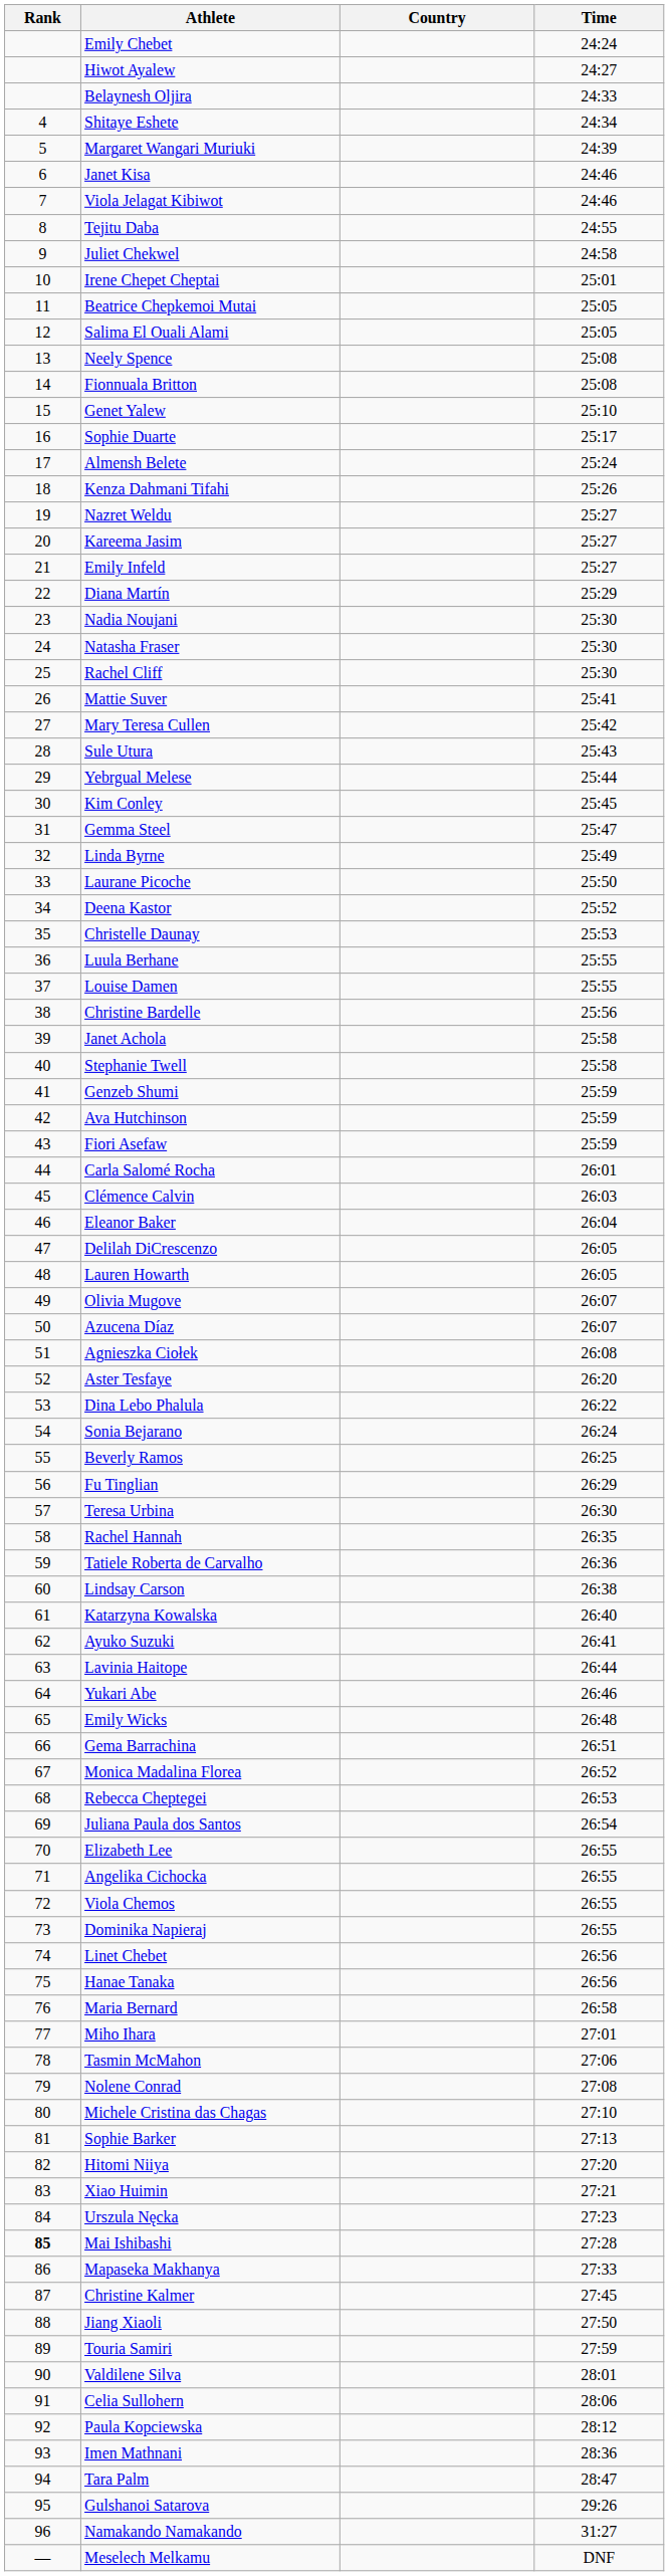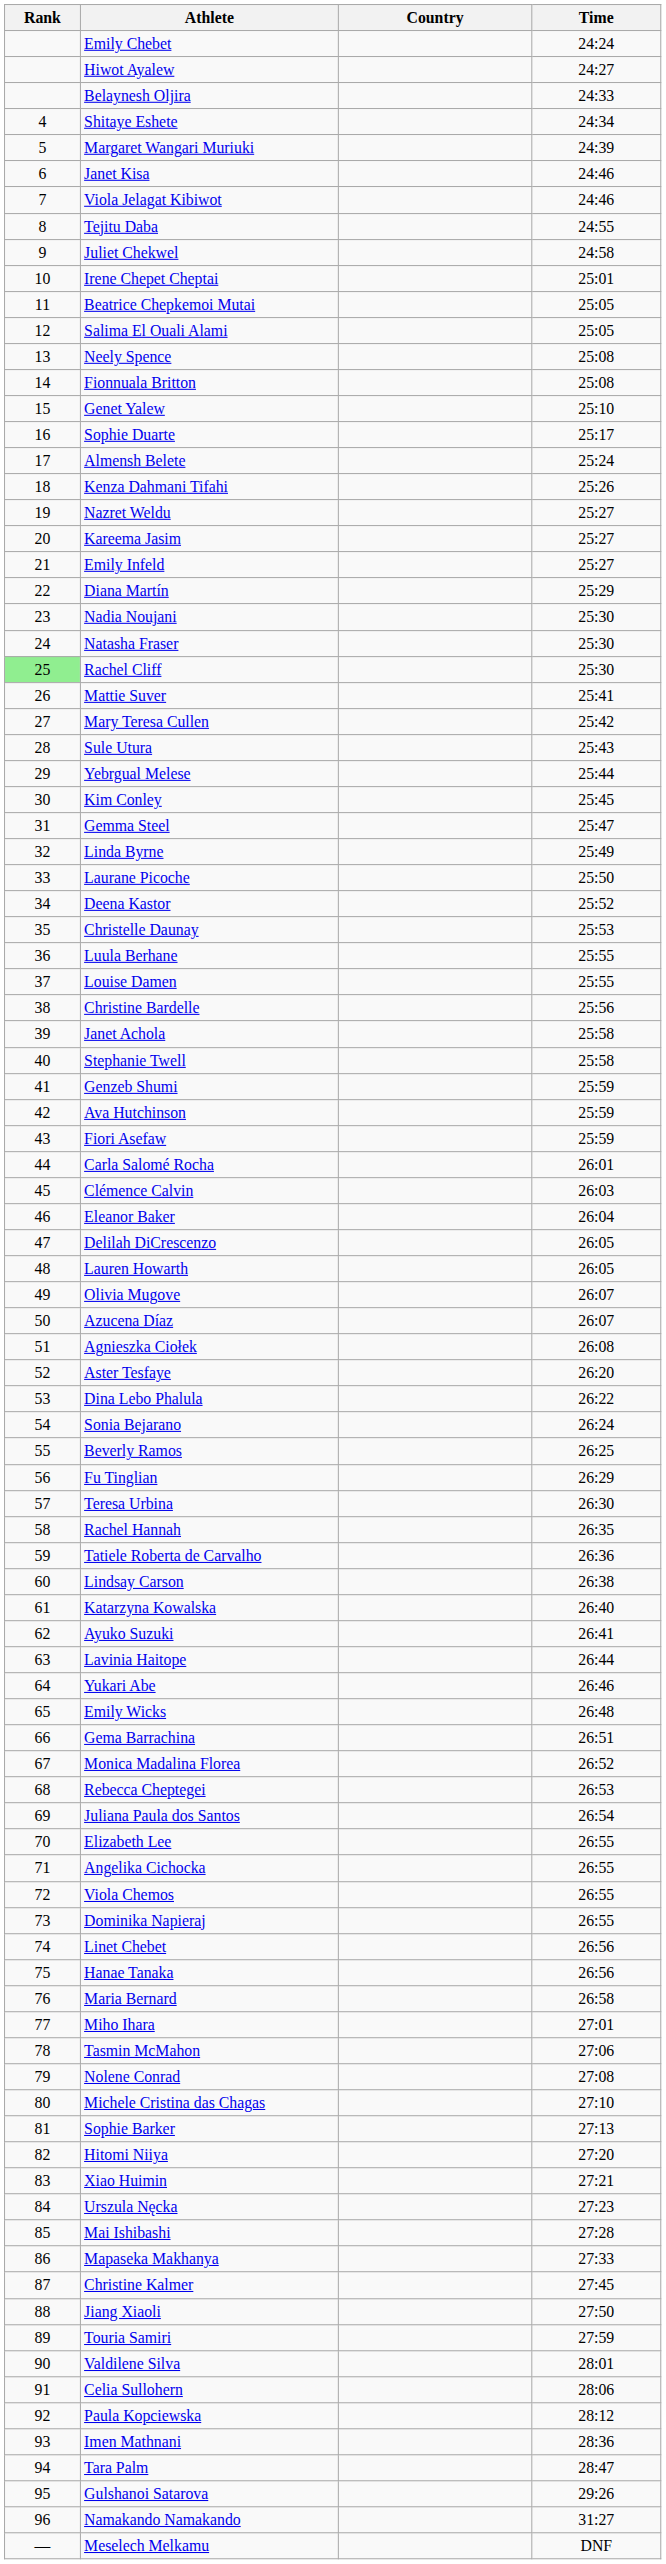 <table class="wikitable sortable" style=" text-align:center; font-size:95%;" width="50%">
 <tr>
 <th width=5%>Rank</th>
 <th width=20%>Athlete</th>
 <th width=15%>Country</th>
 <th width=10%>Time</th>
 </tr>
 <tr>
 <td align=center></td>
 <td align=left><a href='#'>Emily Chebet</a></td>
 <td align=left></td>
 <td>24:24</td>
 </tr>
 <tr>
 <td align=center></td>
 <td align=left><a href='#'>Hiwot Ayalew</a></td>
 <td align=left></td>
 <td>24:27</td>
 </tr>
 <tr>
 <td align=center></td>
 <td align=left><a href='#'>Belaynesh Oljira</a></td>
 <td align=left></td>
 <td>24:33</td>
 </tr>
 <tr>
 <td align=center>4</td>
 <td align=left><a href='#'>Shitaye Eshete</a></td>
 <td align=left></td>
 <td>24:34</td>
 </tr>
 <tr>
 <td align=center>5</td>
 <td align=left><a href='#'>Margaret Wangari Muriuki</a></td>
 <td align=left></td>
 <td>24:39</td>
 </tr>
 <tr>
 <td align=center>6</td>
 <td align=left><a href='#'>Janet Kisa</a></td>
 <td align=left></td>
 <td>24:46</td>
 </tr>
 <tr>
 <td align=center>7</td>
 <td align=left><a href='#'>Viola Jelagat Kibiwot</a></td>
 <td align=left></td>
 <td>24:46</td>
 </tr>
 <tr>
 <td align=center>8</td>
 <td align=left><a href='#'>Tejitu Daba</a></td>
 <td align=left></td>
 <td>24:55</td>
 </tr>
 <tr>
 <td align=center>9</td>
 <td align=left><a href='#'>Juliet Chekwel</a></td>
 <td align=left></td>
 <td>24:58</td>
 </tr>
 <tr>
 <td align=center>10</td>
 <td align=left><a href='#'>Irene Chepet Cheptai</a></td>
 <td align=left></td>
 <td>25:01</td>
 </tr>
 <tr>
 <td align=center>11</td>
 <td align=left><a href='#'>Beatrice Chepkemoi Mutai</a></td>
 <td align=left></td>
 <td>25:05</td>
 </tr>
 <tr>
 <td align=center>12</td>
 <td align=left><a href='#'>Salima El Ouali Alami</a></td>
 <td align=left></td>
 <td>25:05</td>
 </tr>
 <tr>
 <td align=center>13</td>
 <td align=left><a href='#'>Neely Spence</a></td>
 <td align=left></td>
 <td>25:08</td>
 </tr>
 <tr>
 <td align=center>14</td>
 <td align=left><a href='#'>Fionnuala Britton</a></td>
 <td align=left></td>
 <td>25:08</td>
 </tr>
 <tr>
 <td align=center>15</td>
 <td align=left><a href='#'>Genet Yalew</a></td>
 <td align=left></td>
 <td>25:10</td>
 </tr>
 <tr>
 <td align=center>16</td>
 <td align=left><a href='#'>Sophie Duarte</a></td>
 <td align=left></td>
 <td>25:17</td>
 </tr>
 <tr>
 <td align=center>17</td>
 <td align=left><a href='#'>Almensh Belete</a></td>
 <td align=left></td>
 <td>25:24</td>
 </tr>
 <tr>
 <td align=center>18</td>
 <td align=left><a href='#'>Kenza Dahmani Tifahi</a></td>
 <td align=left></td>
 <td>25:26</td>
 </tr>
 <tr>
 <td align=center>19</td>
 <td align=left><a href='#'>Nazret Weldu</a></td>
 <td align=left></td>
 <td>25:27</td>
 </tr>
 <tr>
 <td align=center>20</td>
 <td align=left><a href='#'>Kareema Jasim</a></td>
 <td align=left></td>
 <td>25:27</td>
 </tr>
 <tr>
 <td align=center>21</td>
 <td align=left><a href='#'>Emily Infeld</a></td>
 <td align=left></td>
 <td>25:27</td>
 </tr>
 <tr>
 <td align=center>22</td>
 <td align=left><a href='#'>Diana Martín</a></td>
 <td align=left></td>
 <td>25:29</td>
 </tr>
 <tr>
 <td align=center>23</td>
 <td align=left><a href='#'>Nadia Noujani</a></td>
 <td align=left></td>
 <td>25:30</td>
 </tr>
 <tr>
 <td align=center>24</td>
 <td align=left><a href='#'>Natasha Fraser</a></td>
 <td align=left></td>
 <td>25:30</td>
 </tr>
 <tr>
-<td align=center>25</td>
+<td align=center style="background: lightgreen;">25</td>
 <td align=left><a href='#'>Rachel Cliff</a></td>
 <td align=left></td>
 <td>25:30</td>
 </tr>
 <tr>
 <td align=center>26</td>
 <td align=left><a href='#'>Mattie Suver</a></td>
 <td align=left></td>
 <td>25:41</td>
 </tr>
 <tr>
 <td align=center>27</td>
 <td align=left><a href='#'>Mary Teresa Cullen</a></td>
 <td align=left></td>
 <td>25:42</td>
 </tr>
 <tr>
 <td align=center>28</td>
 <td align=left><a href='#'>Sule Utura</a></td>
 <td align=left></td>
 <td>25:43</td>
 </tr>
 <tr>
 <td align=center>29</td>
 <td align=left><a href='#'>Yebrgual Melese</a></td>
 <td align=left></td>
 <td>25:44</td>
 </tr>
 <tr>
 <td align=center>30</td>
 <td align=left><a href='#'>Kim Conley</a></td>
 <td align=left></td>
 <td>25:45</td>
 </tr>
 <tr>
 <td align=center>31</td>
 <td align=left><a href='#'>Gemma Steel</a></td>
 <td align=left></td>
 <td>25:47</td>
 </tr>
 <tr>
 <td align=center>32</td>
 <td align=left><a href='#'>Linda Byrne</a></td>
 <td align=left></td>
 <td>25:49</td>
 </tr>
 <tr>
 <td align=center>33</td>
 <td align=left><a href='#'>Laurane Picoche</a></td>
 <td align=left></td>
 <td>25:50</td>
 </tr>
 <tr>
 <td align=center>34</td>
 <td align=left><a href='#'>Deena Kastor</a></td>
 <td align=left></td>
 <td>25:52</td>
 </tr>
 <tr>
 <td align=center>35</td>
 <td align=left><a href='#'>Christelle Daunay</a></td>
 <td align=left></td>
 <td>25:53</td>
 </tr>
 <tr>
 <td align=center>36</td>
 <td align=left><a href='#'>Luula Berhane</a></td>
 <td align=left></td>
 <td>25:55</td>
 </tr>
 <tr>
 <td align=center>37</td>
 <td align=left><a href='#'>Louise Damen</a></td>
 <td align=left></td>
 <td>25:55</td>
 </tr>
 <tr>
 <td align=center>38</td>
 <td align=left><a href='#'>Christine Bardelle</a></td>
 <td align=left></td>
 <td>25:56</td>
 </tr>
 <tr>
 <td align=center>39</td>
 <td align=left><a href='#'>Janet Achola</a></td>
 <td align=left></td>
 <td>25:58</td>
 </tr>
 <tr>
 <td align=center>40</td>
 <td align=left><a href='#'>Stephanie Twell</a></td>
 <td align=left></td>
 <td>25:58</td>
 </tr>
 <tr>
 <td align=center>41</td>
 <td align=left><a href='#'>Genzeb Shumi</a></td>
 <td align=left></td>
 <td>25:59</td>
 </tr>
 <tr>
 <td align=center>42</td>
 <td align=left><a href='#'>Ava Hutchinson</a></td>
 <td align=left></td>
 <td>25:59</td>
 </tr>
 <tr>
 <td align=center>43</td>
 <td align=left><a href='#'>Fiori Asefaw</a></td>
 <td align=left></td>
 <td>25:59</td>
 </tr>
 <tr>
 <td align=center>44</td>
 <td align=left><a href='#'>Carla Salomé Rocha</a></td>
 <td align=left></td>
 <td>26:01</td>
 </tr>
 <tr>
 <td align=center>45</td>
 <td align=left><a href='#'>Clémence Calvin</a></td>
 <td align=left></td>
 <td>26:03</td>
 </tr>
 <tr>
 <td align=center>46</td>
 <td align=left><a href='#'>Eleanor Baker</a></td>
 <td align=left></td>
 <td>26:04</td>
 </tr>
 <tr>
 <td align=center>47</td>
 <td align=left><a href='#'>Delilah DiCrescenzo</a></td>
 <td align=left></td>
 <td>26:05</td>
 </tr>
 <tr>
 <td align=center>48</td>
 <td align=left><a href='#'>Lauren Howarth</a></td>
 <td align=left></td>
 <td>26:05</td>
 </tr>
 <tr>
 <td align=center>49</td>
 <td align=left><a href='#'>Olivia Mugove</a></td>
 <td align=left></td>
 <td>26:07</td>
 </tr>
 <tr>
 <td align=center>50</td>
 <td align=left><a href='#'>Azucena Díaz</a></td>
 <td align=left></td>
 <td>26:07</td>
 </tr>
 <tr>
 <td align=center>51</td>
 <td align=left><a href='#'>Agnieszka Ciołek</a></td>
 <td align=left></td>
 <td>26:08</td>
 </tr>
 <tr>
 <td align=center>52</td>
 <td align=left><a href='#'>Aster Tesfaye</a></td>
 <td align=left></td>
 <td>26:20</td>
 </tr>
 <tr>
 <td align=center>53</td>
 <td align=left><a href='#'>Dina Lebo Phalula</a></td>
 <td align=left></td>
 <td>26:22</td>
 </tr>
 <tr>
 <td align=center>54</td>
 <td align=left><a href='#'>Sonia Bejarano</a></td>
 <td align=left></td>
 <td>26:24</td>
 </tr>
 <tr>
 <td align=center>55</td>
 <td align=left><a href='#'>Beverly Ramos</a></td>
 <td align=left></td>
 <td>26:25</td>
 </tr>
 <tr>
 <td align=center>56</td>
 <td align=left><a href='#'>Fu Tinglian</a></td>
 <td align=left></td>
 <td>26:29</td>
 </tr>
 <tr>
 <td align=center>57</td>
 <td align=left><a href='#'>Teresa Urbina</a></td>
 <td align=left></td>
 <td>26:30</td>
 </tr>
 <tr>
 <td align=center>58</td>
 <td align=left><a href='#'>Rachel Hannah</a></td>
 <td align=left></td>
 <td>26:35</td>
 </tr>
 <tr>
 <td align=center>59</td>
 <td align=left><a href='#'>Tatiele Roberta de Carvalho</a></td>
 <td align=left></td>
 <td>26:36</td>
 </tr>
 <tr>
 <td align=center>60</td>
 <td align=left><a href='#'>Lindsay Carson</a></td>
 <td align=left></td>
 <td>26:38</td>
 </tr>
 <tr>
 <td align=center>61</td>
 <td align=left><a href='#'>Katarzyna Kowalska</a></td>
 <td align=left></td>
 <td>26:40</td>
 </tr>
 <tr>
 <td align=center>62</td>
 <td align=left><a href='#'>Ayuko Suzuki</a></td>
 <td align=left></td>
 <td>26:41</td>
 </tr>
 <tr>
 <td align=center>63</td>
 <td align=left><a href='#'>Lavinia Haitope</a></td>
 <td align=left></td>
 <td>26:44</td>
 </tr>
 <tr>
 <td align=center>64</td>
 <td align=left><a href='#'>Yukari Abe</a></td>
 <td align=left></td>
 <td>26:46</td>
 </tr>
 <tr>
 <td align=center>65</td>
 <td align=left><a href='#'>Emily Wicks</a></td>
 <td align=left></td>
 <td>26:48</td>
 </tr>
 <tr>
 <td align=center>66</td>
 <td align=left><a href='#'>Gema Barrachina</a></td>
 <td align=left></td>
 <td>26:51</td>
 </tr>
 <tr>
 <td align=center>67</td>
 <td align=left><a href='#'>Monica Madalina Florea</a></td>
 <td align=left></td>
 <td>26:52</td>
 </tr>
 <tr>
 <td align=center>68</td>
 <td align=left><a href='#'>Rebecca Cheptegei</a></td>
 <td align=left></td>
 <td>26:53</td>
 </tr>
 <tr>
 <td align=center>69</td>
 <td align=left><a href='#'>Juliana Paula dos Santos</a></td>
 <td align=left></td>
 <td>26:54</td>
 </tr>
 <tr>
 <td align=center>70</td>
 <td align=left><a href='#'>Elizabeth Lee</a></td>
 <td align=left></td>
 <td>26:55</td>
 </tr>
 <tr>
 <td align=center>71</td>
 <td align=left><a href='#'>Angelika Cichocka</a></td>
 <td align=left></td>
 <td>26:55</td>
 </tr>
 <tr>
 <td align=center>72</td>
 <td align=left><a href='#'>Viola Chemos</a></td>
 <td align=left></td>
 <td>26:55</td>
 </tr>
 <tr>
 <td align=center>73</td>
 <td align=left><a href='#'>Dominika Napieraj</a></td>
 <td align=left></td>
 <td>26:55</td>
 </tr>
 <tr>
 <td align=center>74</td>
 <td align=left><a href='#'>Linet Chebet</a></td>
 <td align=left></td>
 <td>26:56</td>
 </tr>
 <tr>
 <td align=center>75</td>
 <td align=left><a href='#'>Hanae Tanaka</a></td>
 <td align=left></td>
 <td>26:56</td>
 </tr>
 <tr>
 <td align=center>76</td>
 <td align=left><a href='#'>Maria Bernard</a></td>
 <td align=left></td>
 <td>26:58</td>
 </tr>
 <tr>
 <td align=center>77</td>
 <td align=left><a href='#'>Miho Ihara</a></td>
 <td align=left></td>
 <td>27:01</td>
 </tr>
 <tr>
 <td align=center>78</td>
 <td align=left><a href='#'>Tasmin McMahon</a></td>
 <td align=left></td>
 <td>27:06</td>
 </tr>
 <tr>
 <td align=center>79</td>
 <td align=left><a href='#'>Nolene Conrad</a></td>
 <td align=left></td>
 <td>27:08</td>
 </tr>
 <tr>
 <td align=center>80</td>
 <td align=left><a href='#'>Michele Cristina das Chagas</a></td>
 <td align=left></td>
 <td>27:10</td>
 </tr>
 <tr>
 <td align=center>81</td>
 <td align=left><a href='#'>Sophie Barker</a></td>
 <td align=left></td>
 <td>27:13</td>
 </tr>
 <tr>
 <td align=center>82</td>
 <td align=left><a href='#'>Hitomi Niiya</a></td>
 <td align=left></td>
 <td>27:20</td>
 </tr>
 <tr>
 <td align=center>83</td>
 <td align=left><a href='#'>Xiao Huimin</a></td>
 <td align=left></td>
 <td>27:21</td>
 </tr>
 <tr>
 <td align=center>84</td>
 <td align=left><a href='#'>Urszula Nęcka</a></td>
 <td align=left></td>
 <td>27:23</td>
 </tr>
 <tr>
-<td align=center><strong>85</strong></td>
+<td align=center>85</td>
 <td align=left><a href='#'>Mai Ishibashi</a></td>
 <td align=left></td>
 <td>27:28</td>
 </tr>
 <tr>
 <td align=center>86</td>
 <td align=left><a href='#'>Mapaseka Makhanya</a></td>
 <td align=left></td>
 <td>27:33</td>
 </tr>
 <tr>
 <td align=center>87</td>
 <td align=left><a href='#'>Christine Kalmer</a></td>
 <td align=left></td>
 <td>27:45</td>
 </tr>
 <tr>
 <td align=center>88</td>
 <td align=left><a href='#'>Jiang Xiaoli</a></td>
 <td align=left></td>
 <td>27:50</td>
 </tr>
 <tr>
 <td align=center>89</td>
 <td align=left><a href='#'>Touria Samiri</a></td>
 <td align=left></td>
 <td>27:59</td>
 </tr>
 <tr>
 <td align=center>90</td>
 <td align=left><a href='#'>Valdilene Silva</a></td>
 <td align=left></td>
 <td>28:01</td>
 </tr>
 <tr>
 <td align=center>91</td>
 <td align=left><a href='#'>Celia Sullohern</a></td>
 <td align=left></td>
 <td>28:06</td>
 </tr>
 <tr>
 <td align=center>92</td>
 <td align=left><a href='#'>Paula Kopciewska</a></td>
 <td align=left></td>
 <td>28:12</td>
 </tr>
 <tr>
 <td align=center>93</td>
 <td align=left><a href='#'>Imen Mathnani</a></td>
 <td align=left></td>
 <td>28:36</td>
 </tr>
 <tr>
 <td align=center>94</td>
 <td align=left><a href='#'>Tara Palm</a></td>
 <td align=left></td>
 <td>28:47</td>
 </tr>
 <tr>
 <td align=center>95</td>
 <td align=left><a href='#'>Gulshanoi Satarova</a></td>
 <td align=left></td>
 <td>29:26</td>
 </tr>
 <tr>
 <td align=center>96</td>
 <td align=left><a href='#'>Namakando Namakando</a></td>
 <td align=left></td>
 <td>31:27</td>
 </tr>
 <tr>
 <td align=center>—</td>
 <td align=left><a href='#'>Meselech Melkamu</a></td>
 <td align=left></td>
 <td>DNF</td>
 </tr>
 </table>
